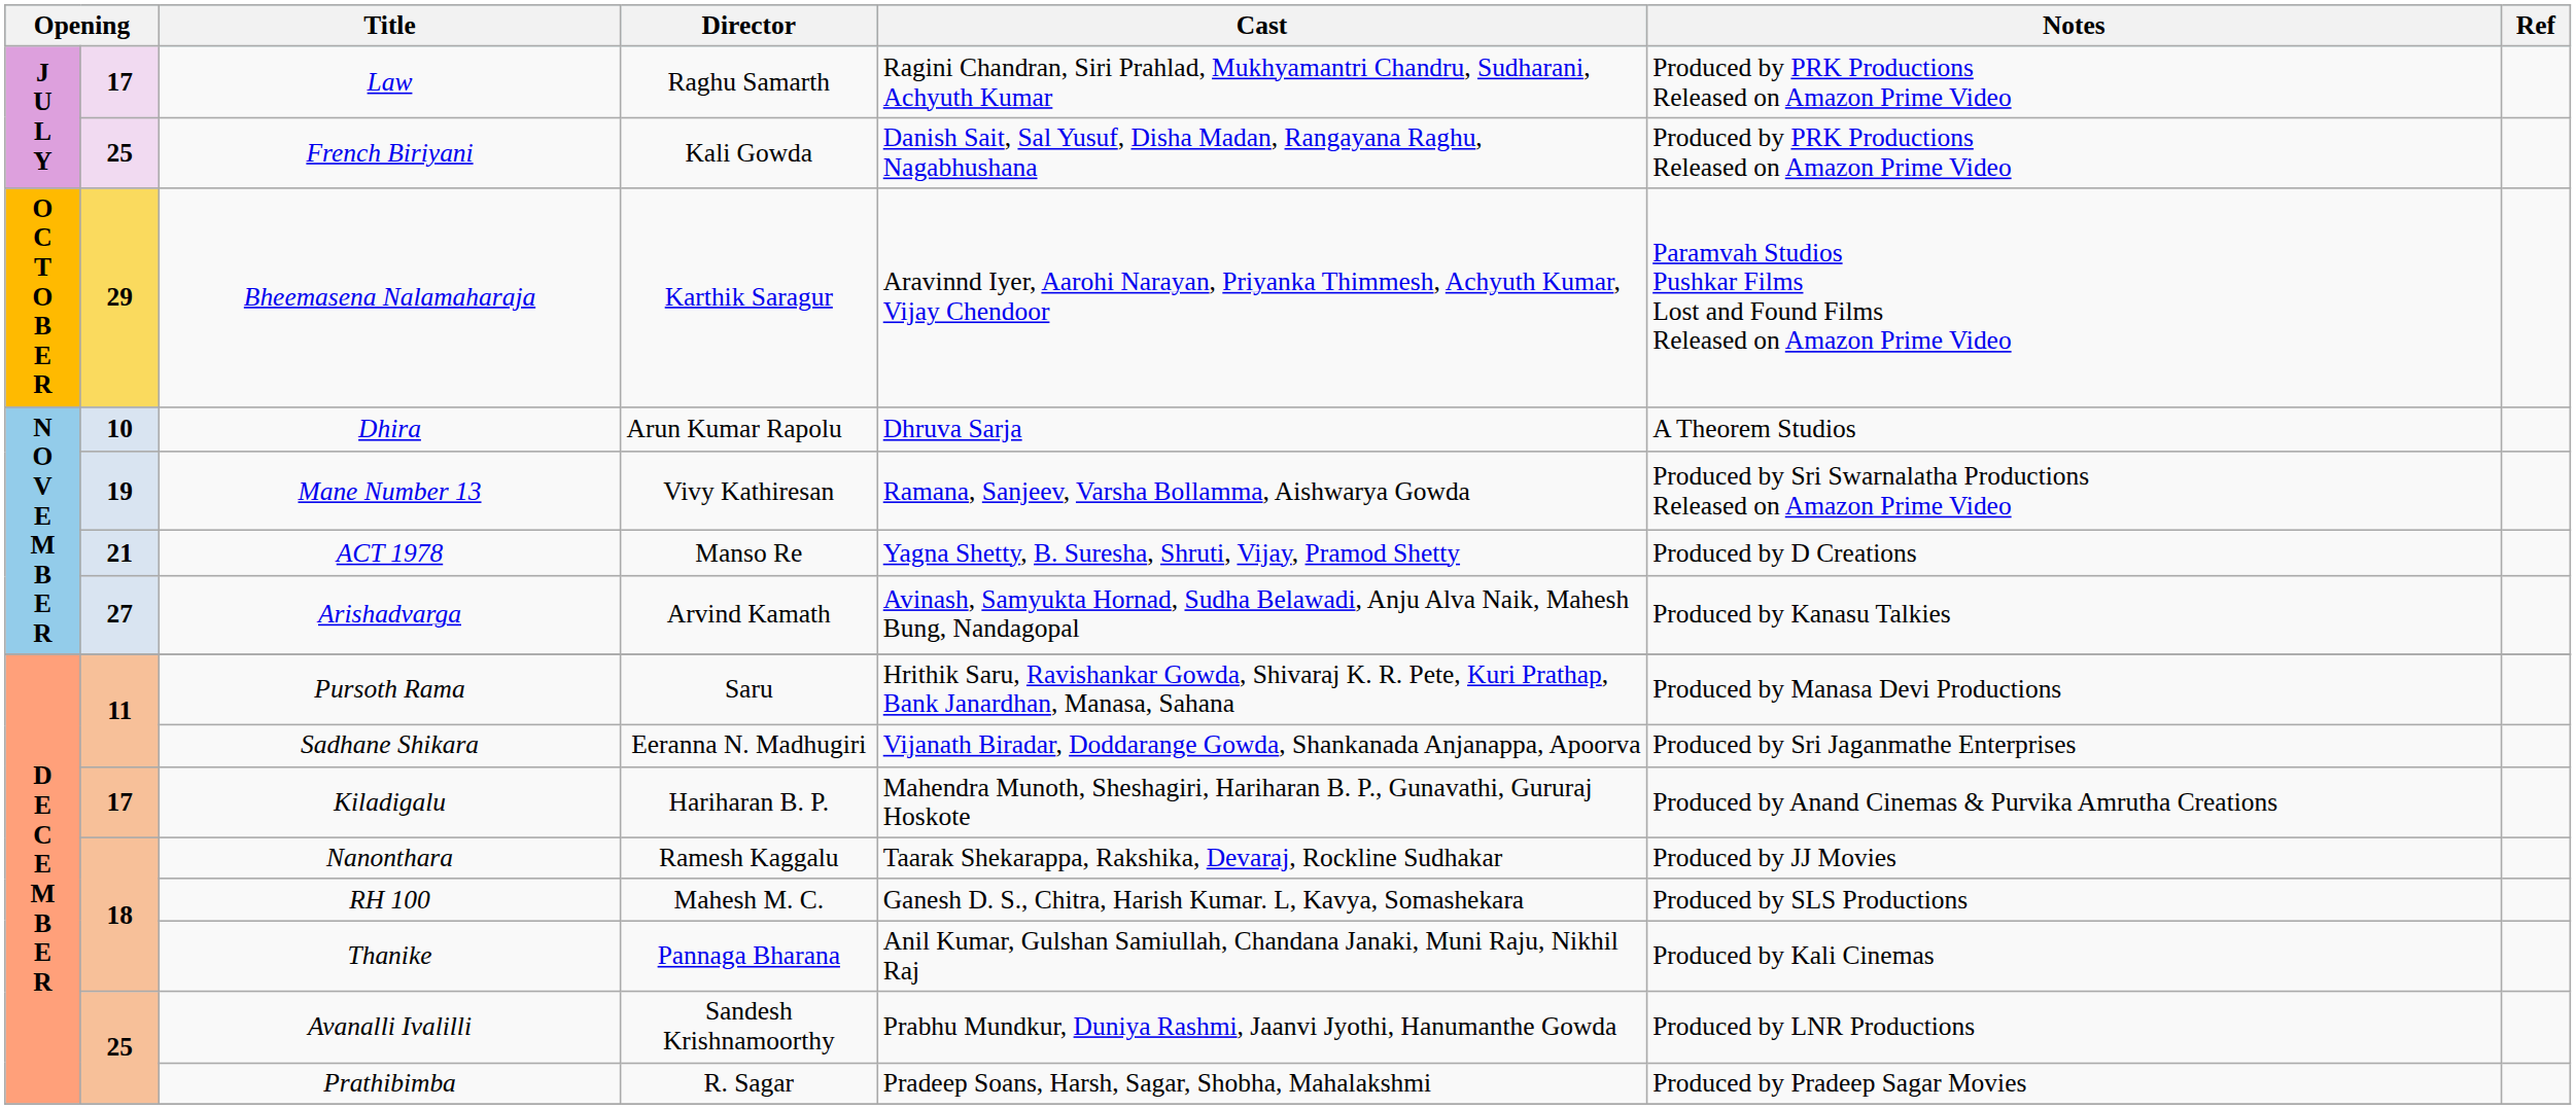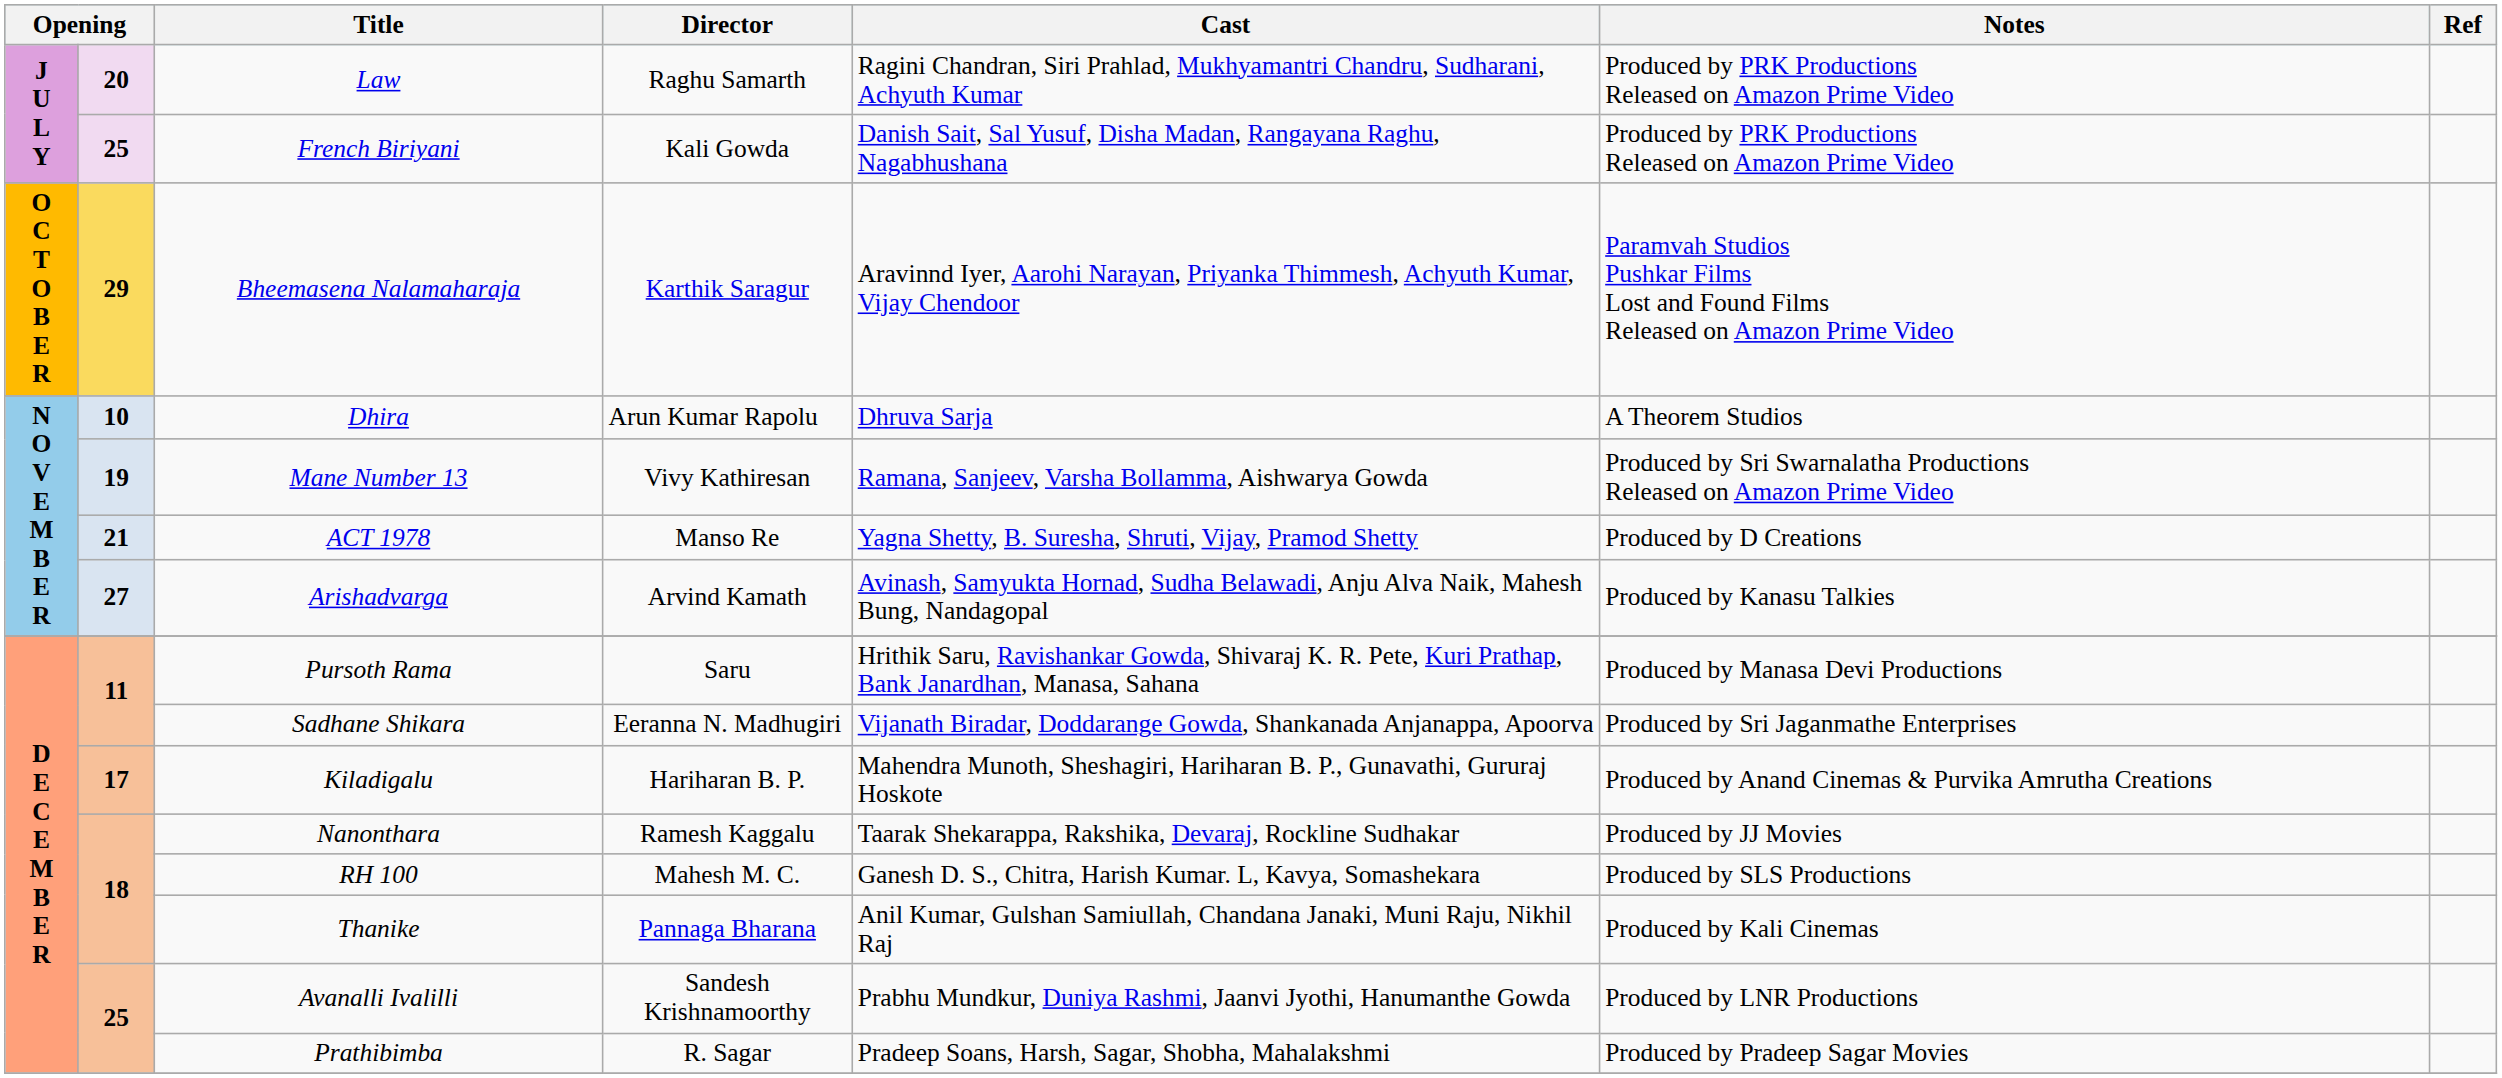 <table class="wikitable sortable">
 <tr style="background:#b0e0e6; text-align:center;">
 <th colspan="2" style="width:6%;"><strong>Opening</strong></th>
 <th style="width:18%;"><strong>Title</strong></th>
 <th style="width:10%;"><strong>Director</strong></th>
 <th style="width:30%;"><strong>Cast</strong></th>
 <th>Notes</th>
 <th>Ref</th>
 </tr>
 <tr July!>
 <td rowspan="2" style="text-align:center; background:plum;"><strong>J<br>U<br>L<br>Y</strong></td>
-<td style="text-align:center; background:#f1daf1;"><strong>17</strong></td>
+<td style="text-align:center; background:#f1daf1;"><strong>20</strong></td>
 <td align="center"><em><a href='#'>Law</a></em></td>
 <td align="center">Raghu Samarth</td>
 <td>Ragini Chandran, Siri Prahlad, <a href='#'>Mukhyamantri Chandru</a>, <a href='#'>Sudharani</a>, <a href='#'>Achyuth Kumar</a></td>
 <td>Produced by <a href='#'>PRK Productions</a> <br> Released on <a href='#'>Amazon Prime Video</a></td>
 <td align="center"></td>
 </tr>
 <tr>
 <td style="text-align:center; background:#f1daf1;"><strong>25</strong></td>
 <td style="text-align:center;"><em><a href='#'>French Biriyani</a></em></td>
 <td style="text-align:center;">Kali Gowda</td>
 <td><a href='#'>Danish Sait</a>, <a href='#'>Sal Yusuf</a>, <a href='#'>Disha Madan</a>, <a href='#'>Rangayana Raghu</a>, <a href='#'>Nagabhushana</a></td>
 <td>Produced by <a href='#'>PRK Productions</a> <br> Released on <a href='#'>Amazon Prime Video</a></td>
 <td align="center"></td>
 </tr>
 <tr>
 <td rowspan="1" style="text-align:center; background:#ffba00; textcolor:#000;"><strong>O<br>C<br>T<br>O<br>B<br>E<br>R</strong></td>
 <td rowspan="1" style="text-align:center;background:#FADA5E;"><strong>29</strong></td>
 <td style="text-align:center;"><em><a href='#'>Bheemasena Nalamaharaja</a></em></td>
 <td style="text-align:center;"><a href='#'>Karthik Saragur</a></td>
 <td>Aravinnd Iyer, <a href='#'>Aarohi Narayan</a>, <a href='#'>Priyanka Thimmesh</a>, <a href='#'>Achyuth Kumar</a>, <a href='#'>Vijay Chendoor</a></td>
 <td><a href='#'>Paramvah Studios</a><br><a href='#'>Pushkar Films</a><br>Lost and Found Films <br>Released on <a href='#'>Amazon Prime Video</a></td>
 <td align="center"></td>
 </tr>
 <tr>
 <td rowspan="4" style="text-align:center; background:#93CCEA; textcolor:#000;"><strong>N<br>O<br>V<br>E<br>M<br>B<br>E<br>R</strong></td>
 <td rowspan="1" style="text-align:center;background:#d9e4f1;"><strong>10</strong></td>
 <td style="text-align:center;"><em><a href='#'>Dhira</a></em></td>
 <td>Arun Kumar Rapolu</td>
 <td><a href='#'>Dhruva Sarja</a></td>
 <td>A Theorem Studios</td>
 <td></td>
 </tr>
 <tr>
 <td rowspan="1" style="text-align:center;background:#d9e4f1;"><strong>19</strong></td>
 <td style="text-align:center;"><em><a href='#'>Mane Number 13</a></em></td>
 <td style="text-align:center;">Vivy Kathiresan</td>
 <td><a href='#'>Ramana</a>, <a href='#'>Sanjeev</a>, <a href='#'>Varsha Bollamma</a>, Aishwarya Gowda</td>
 <td>Produced by Sri Swarnalatha Productions<br>Released on <a href='#'>Amazon Prime Video</a></td>
 <td align="center"></td>
 </tr>
 <tr>
 <td rowspan="1" style="text-align:center;background:#d9e4f1;"><strong>21</strong></td>
 <td style="text-align:center;"><em><a href='#'>ACT 1978</a></em></td>
 <td style="text-align:center;">Manso Re</td>
 <td><a href='#'>Yagna Shetty</a>, <a href='#'>B. Suresha</a>, <a href='#'>Shruti</a>, <a href='#'>Vijay</a>, <a href='#'>Pramod Shetty</a></td>
 <td>Produced by D Creations</td>
 <td style="text-align:center;"></td>
 </tr>
 <tr>
 <td rowspan="1" style="text-align:center;background:#d9e4f1;"><strong>27</strong></td>
 <td style="text-align:center;"><em><a href='#'>Arishadvarga</a></em></td>
 <td style="text-align:center;">Arvind Kamath</td>
 <td><a href='#'>Avinash</a>, <a href='#'>Samyukta Hornad</a>, <a href='#'>Sudha Belawadi</a>, Anju Alva Naik, Mahesh Bung, Nandagopal</td>
 <td>Produced by Kanasu Talkies</td>
 <td style="text-align:center;"></td>
 </tr>
 <tr>
 </tr>
 <tr December!>
 <td rowspan="8" style="text-align:center; background:#ffa07a; textcolor:#000;"><strong>D<br>E<br>C<br>E<br>M<br>B<br>E<br>R</strong></td>
 <td rowspan="2" style="text-align:center; textcolor:#000;background:#F7C099;"><strong>11</strong></td>
 <td style="text-align:center;"><em>Pursoth Rama</em></td>
 <td style="text-align:center;">Saru</td>
 <td>Hrithik Saru, <a href='#'>Ravishankar Gowda</a>, Shivaraj K. R. Pete, <a href='#'>Kuri Prathap</a>, <a href='#'>Bank Janardhan</a>, Manasa, Sahana</td>
 <td>Produced by Manasa Devi Productions</td>
 <td align="center"></td>
 </tr>
 <tr>
 <td style="text-align:center;"><em>Sadhane Shikara</em></td>
 <td style="text-align:center;">Eeranna N. Madhugiri</td>
 <td><a href='#'>Vijanath Biradar</a>, <a href='#'>Doddarange Gowda</a>, Shankanada Anjanappa, Apoorva</td>
 <td>Produced by Sri Jaganmathe Enterprises</td>
 <td align="center"></td>
 </tr>
 <tr>
 <td rowspan="1" style="text-align:center; textcolor:#000;background:#F7C099;"><strong>17</strong></td>
 <td style="text-align:center;"><em>Kiladigalu</em></td>
 <td style="text-align:center;">Hariharan B. P.</td>
 <td>Mahendra Munoth, Sheshagiri, Hariharan B. P., Gunavathi, Gururaj Hoskote</td>
 <td>Produced by Anand Cinemas & Purvika Amrutha Creations</td>
 <td align="center"></td>
 </tr>
 <tr>
 <td rowspan="3" style="text-align:center; textcolor:#000;background:#F7C099;"><strong>18</strong></td>
 <td style="text-align:center;"><em>Nanonthara</em></td>
 <td style="text-align:center;">Ramesh Kaggalu</td>
 <td>Taarak Shekarappa, Rakshika, <a href='#'>Devaraj</a>, Rockline Sudhakar</td>
 <td>Produced by JJ Movies</td>
 <td align="center"></td>
 </tr>
 <tr>
 <td style="text-align:center;"><em>RH 100</em></td>
 <td style="text-align:center;">Mahesh M. C.</td>
 <td>Ganesh D. S., Chitra, Harish Kumar. L, Kavya, Somashekara</td>
 <td>Produced by SLS Productions</td>
 <td align="center"></td>
 </tr>
 <tr>
 <td style="text-align:center;"><em>Thanike</em></td>
 <td style="text-align:center;"><a href='#'>Pannaga Bharana</a></td>
 <td>Anil Kumar, Gulshan Samiullah, Chandana Janaki, Muni Raju, Nikhil Raj</td>
 <td>Produced by Kali Cinemas</td>
 <td align="center"></td>
 </tr>
 <tr>
 <td rowspan="2" style="text-align:center; textcolor:#000;background:#F7C099;"><strong>25</strong></td>
 <td style="text-align:center;"><em>Avanalli Ivalilli</em></td>
 <td style="text-align:center;">Sandesh Krishnamoorthy</td>
 <td>Prabhu Mundkur, <a href='#'>Duniya Rashmi</a>, Jaanvi Jyothi, Hanumanthe Gowda</td>
 <td>Produced by LNR Productions</td>
 <td align="center"></td>
 </tr>
 <tr>
 <td style="text-align:center;"><em>Prathibimba</em></td>
 <td style="text-align:center;">R. Sagar</td>
 <td>Pradeep Soans, Harsh, Sagar, Shobha, Mahalakshmi</td>
 <td>Produced by Pradeep Sagar Movies</td>
 <td align="center"></td>
 </tr>
 <tr>
 </tr>
 </table>
